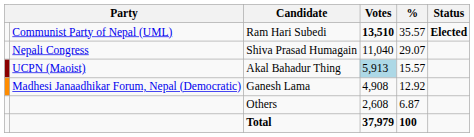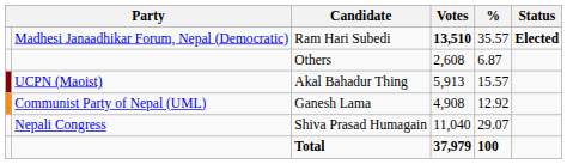 <table class="wikitable">
 <tr>
 <th colspan="2">Party</th>
 <th>Candidate</th>
 <th>Votes</th>
 <th>%</th>
 <th>Status</th>
 </tr>
 <tr>
 <td style="background-color:"></td>
-<td><a href='#'>Communist Party of Nepal (UML)</a></td>
+<td><a href='#'>Madhesi Janaadhikar Forum, Nepal (Democratic)</a></td>
 <td>Ram Hari Subedi</td>
 <td><strong>13,510</strong></td>
 <td>35.57</td>
 <td><strong>Elected</strong></td>
+</tr>
+<tr>
+<td></td>
+<td></td>
+<td>Others</td>
+<td>2,608</td>
+<td>6.87</td>
+<td></td>
+</tr>
+<tr>
+<td style="background-color:darkred"></td>
+<td><a href='#'>UCPN (Maoist)</a></td>
+<td>Akal Bahadur Thing</td>
+<td>5,913</td>
+<td>15.57</td>
+<td></td>
+</tr>
+<tr>
+<td style="background-color:darkorange"></td>
+<td><a href='#'>Communist Party of Nepal (UML)</a></td>
+<td>Ganesh Lama</td>
+<td>4,908</td>
+<td>12.92</td>
+<td></td>
 </tr>
 <tr>
 <td style="background-color:"></td>
 <td><a href='#'>Nepali Congress</a></td>
 <td>Shiva Prasad Humagain</td>
 <td>11,040</td>
 <td>29.07</td>
-<td></td>
-</tr>
-<tr>
-<td style="background-color:darkred"></td>
-<td><a href='#'>UCPN (Maoist)</a></td>
-<td>Akal Bahadur Thing</td>
-<td style="background: lightblue;">5,913</td>
-<td>15.57</td>
-<td></td>
-</tr>
-<tr>
-<td style="background-color:darkorange"></td>
-<td><a href='#'>Madhesi Janaadhikar Forum, Nepal (Democratic)</a></td>
-<td>Ganesh Lama</td>
-<td>4,908</td>
-<td>12.92</td>
-<td></td>
-</tr>
-<tr>
-<td></td>
-<td></td>
-<td>Others</td>
-<td>2,608</td>
-<td>6.87</td>
 <td></td>
 </tr>
 <tr>
 <td></td>
 <td></td>
 <td><strong>Total</strong></td>
 <td><strong>37,979</strong></td>
 <td><strong>100</strong></td>
 <td></td>
 </tr>
 </table>
